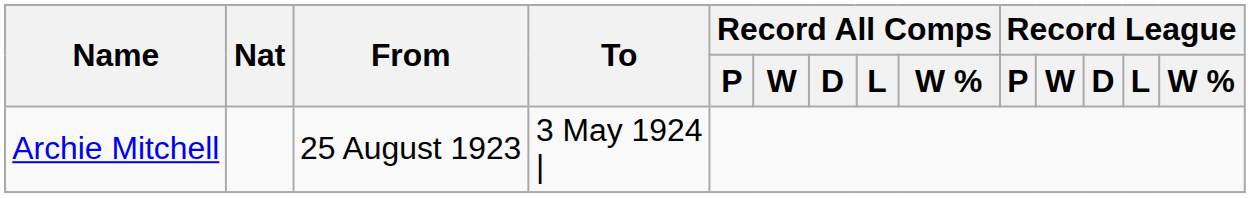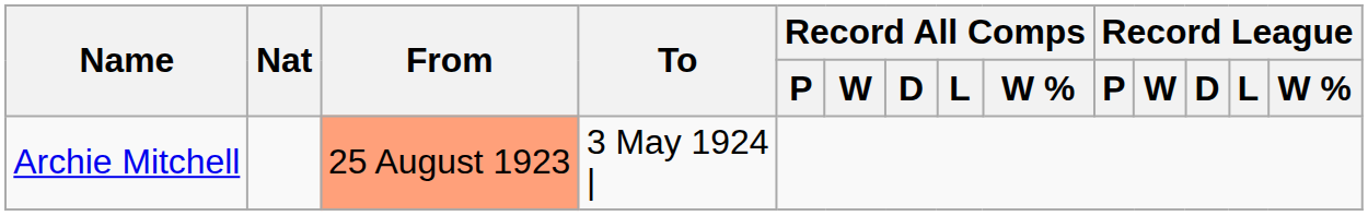 <table class="wikitable" style="text-align: center">
 <tr>
 <th rowspan="2">Name</th>
 <th rowspan="2">Nat</th>
 <th rowspan="2">From</th>
 <th rowspan="2">To</th>
 <th colspan="5">Record All Comps</th>
 <th colspan="5">Record League</th>
 </tr>
 <tr>
 <th>P</th>
 <th>W</th>
 <th>D</th>
 <th>L</th>
 <th>W %</th>
 <th>P</th>
 <th>W</th>
 <th>D</th>
 <th>L</th>
 <th>W %</th>
 </tr>
 <tr>
 <td align=left><a href='#'>Archie Mitchell</a></td>
 <td></td>
-<td align=left>25 August 1923</td>
+<td align=left style="background: lightsalmon;">25 August 1923</td>
 <td align=left>3 May 1924<br>|</td>
 </tr>
 </table>
